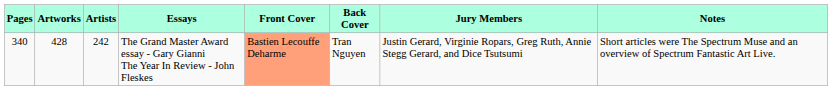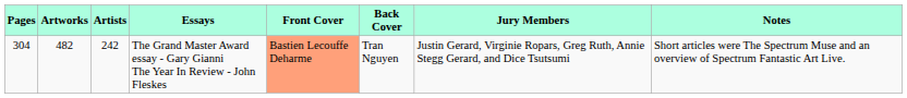 <table class="wikitable">
 <tr>
 <th style="background:#acffdf">Pages</th>
 <th style="background:#acffdf">Artworks</th>
 <th style="background:#acffdf">Artists</th>
 <th style="background:#acffdf">Essays</th>
 <th style="background:#acffdf">Front Cover</th>
 <th style="background:#acffdf">Back Cover</th>
 <th style="background:#acffdf">Jury Members</th>
 <th style="background:#acffdf">Notes</th>
 </tr>
 <tr valign="top">
-<td align="center">340</td>
-<td align="center">428</td>
+<td align="center">304</td>
+<td align="center">482</td>
 <td align="center">242</td>
 <td>The Grand Master Award essay - Gary Gianni<br>The Year In Review - John Fleskes</td>
 <td style="background: lightsalmon;">Bastien Lecouffe Deharme</td>
 <td>Tran Nguyen</td>
 <td>Justin Gerard, Virginie Ropars, Greg Ruth, Annie Stegg Gerard, and Dice Tsutsumi</td>
 <td>Short articles were The Spectrum Muse and an overview of Spectrum Fantastic Art Live.</td>
 </tr>
 </table>
